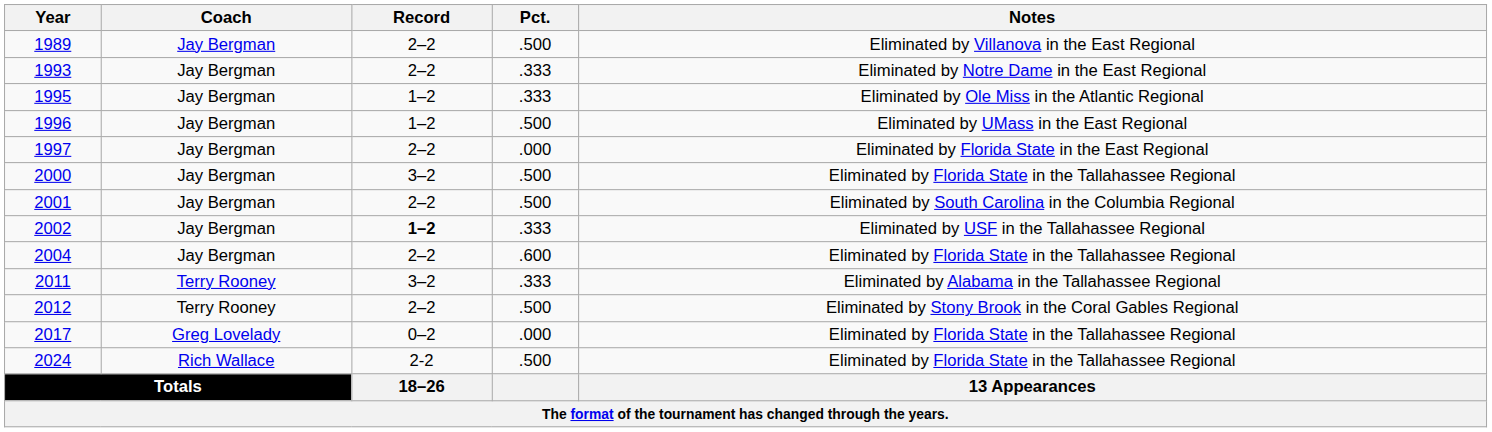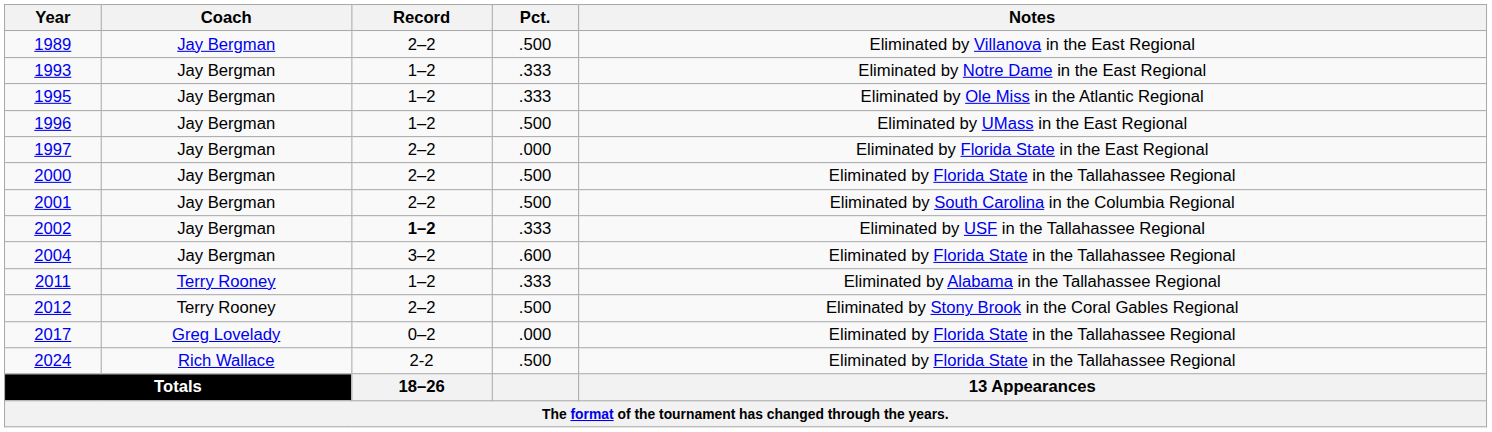 <table cellpadding="1" border="1" cellspacing="0" width="90%" class="wikitable">
 <tr>
 <th>Year</th>
 <th>Coach</th>
 <th>Record</th>
 <th>Pct.</th>
 <th>Notes</th>
 </tr>
 <tr style="text-align:center">
 <td><a href='#'>1989</a></td>
 <td><a href='#'>Jay Bergman</a></td>
 <td>2–2</td>
 <td>.500</td>
 <td>Eliminated by <a href='#'>Villanova</a> in the East Regional</td>
 </tr>
 <tr style="text-align:center">
 <td><a href='#'>1993</a></td>
 <td>Jay Bergman</td>
-<td>2–2</td>
+<td>1–2</td>
 <td>.333</td>
 <td>Eliminated by <a href='#'>Notre Dame</a> in the East Regional</td>
 </tr>
 <tr style="text-align:center">
 <td><a href='#'>1995</a></td>
 <td>Jay Bergman</td>
 <td>1–2</td>
 <td>.333</td>
 <td>Eliminated by <a href='#'>Ole Miss</a> in the Atlantic Regional</td>
 </tr>
 <tr style="text-align:center">
 <td><a href='#'>1996</a></td>
 <td>Jay Bergman</td>
 <td>1–2</td>
 <td>.500</td>
 <td>Eliminated by <a href='#'>UMass</a> in the East Regional</td>
 </tr>
 <tr style="text-align:center">
 <td><a href='#'>1997</a></td>
 <td>Jay Bergman</td>
 <td>2–2</td>
 <td>.000</td>
 <td>Eliminated by <a href='#'>Florida State</a> in the East Regional</td>
 </tr>
 <tr style="text-align:center">
 <td><a href='#'>2000</a></td>
 <td>Jay Bergman</td>
-<td>3–2</td>
+<td>2–2</td>
 <td>.500</td>
 <td>Eliminated by <a href='#'>Florida State</a> in the Tallahassee Regional</td>
 </tr>
 <tr style="text-align:center">
 <td><a href='#'>2001</a></td>
 <td>Jay Bergman</td>
 <td>2–2</td>
 <td>.500</td>
 <td>Eliminated by <a href='#'>South Carolina</a> in the Columbia Regional</td>
 </tr>
 <tr style="text-align:center">
 <td><a href='#'>2002</a></td>
 <td>Jay Bergman</td>
 <td><strong>1–2</strong></td>
 <td>.333</td>
 <td>Eliminated by <a href='#'>USF</a> in the Tallahassee Regional</td>
 </tr>
 <tr style="text-align:center">
 <td><a href='#'>2004</a></td>
 <td>Jay Bergman</td>
-<td>2–2</td>
+<td>3–2</td>
 <td>.600</td>
 <td>Eliminated by <a href='#'>Florida State</a> in the Tallahassee Regional</td>
 </tr>
 <tr style="text-align:center">
 <td><a href='#'>2011</a></td>
 <td><a href='#'>Terry Rooney</a></td>
-<td>3–2</td>
+<td>1–2</td>
 <td>.333</td>
 <td>Eliminated by <a href='#'>Alabama</a> in the Tallahassee Regional</td>
 </tr>
 <tr style="text-align:center">
 <td><a href='#'>2012</a></td>
 <td>Terry Rooney</td>
 <td>2–2</td>
 <td>.500</td>
 <td>Eliminated by <a href='#'>Stony Brook</a> in the Coral Gables Regional</td>
 </tr>
 <tr style="text-align:center">
 <td><a href='#'>2017</a></td>
 <td><a href='#'>Greg Lovelady</a></td>
 <td>0–2</td>
 <td>.000</td>
 <td>Eliminated by <a href='#'>Florida State</a> in the Tallahassee Regional</td>
 </tr>
 <tr style= "text-align:center">
 <td><a href='#'> 2024</a></td>
 <td><a href='#'>Rich Wallace</a></td>
 <td>2-2</td>
 <td>.500</td>
 <td>Eliminated by <a href='#'>Florida State</a> in the Tallahassee Regional</td>
 </tr>
 <tr style="text-align:center" class="sortbottom">
 <th colSpan="2" style="text-align:center; background:black; color:white;">Totals</th>
 <th>18–26</th>
 <th></th>
 <th>13 Appearances</th>
 </tr>
 <tr>
 <th colSpan="5" style="text-align:center; "><small>The <a href='#'><span>format</span></a> of the tournament has changed through the years.</small></th>
 </tr>
 </table>
